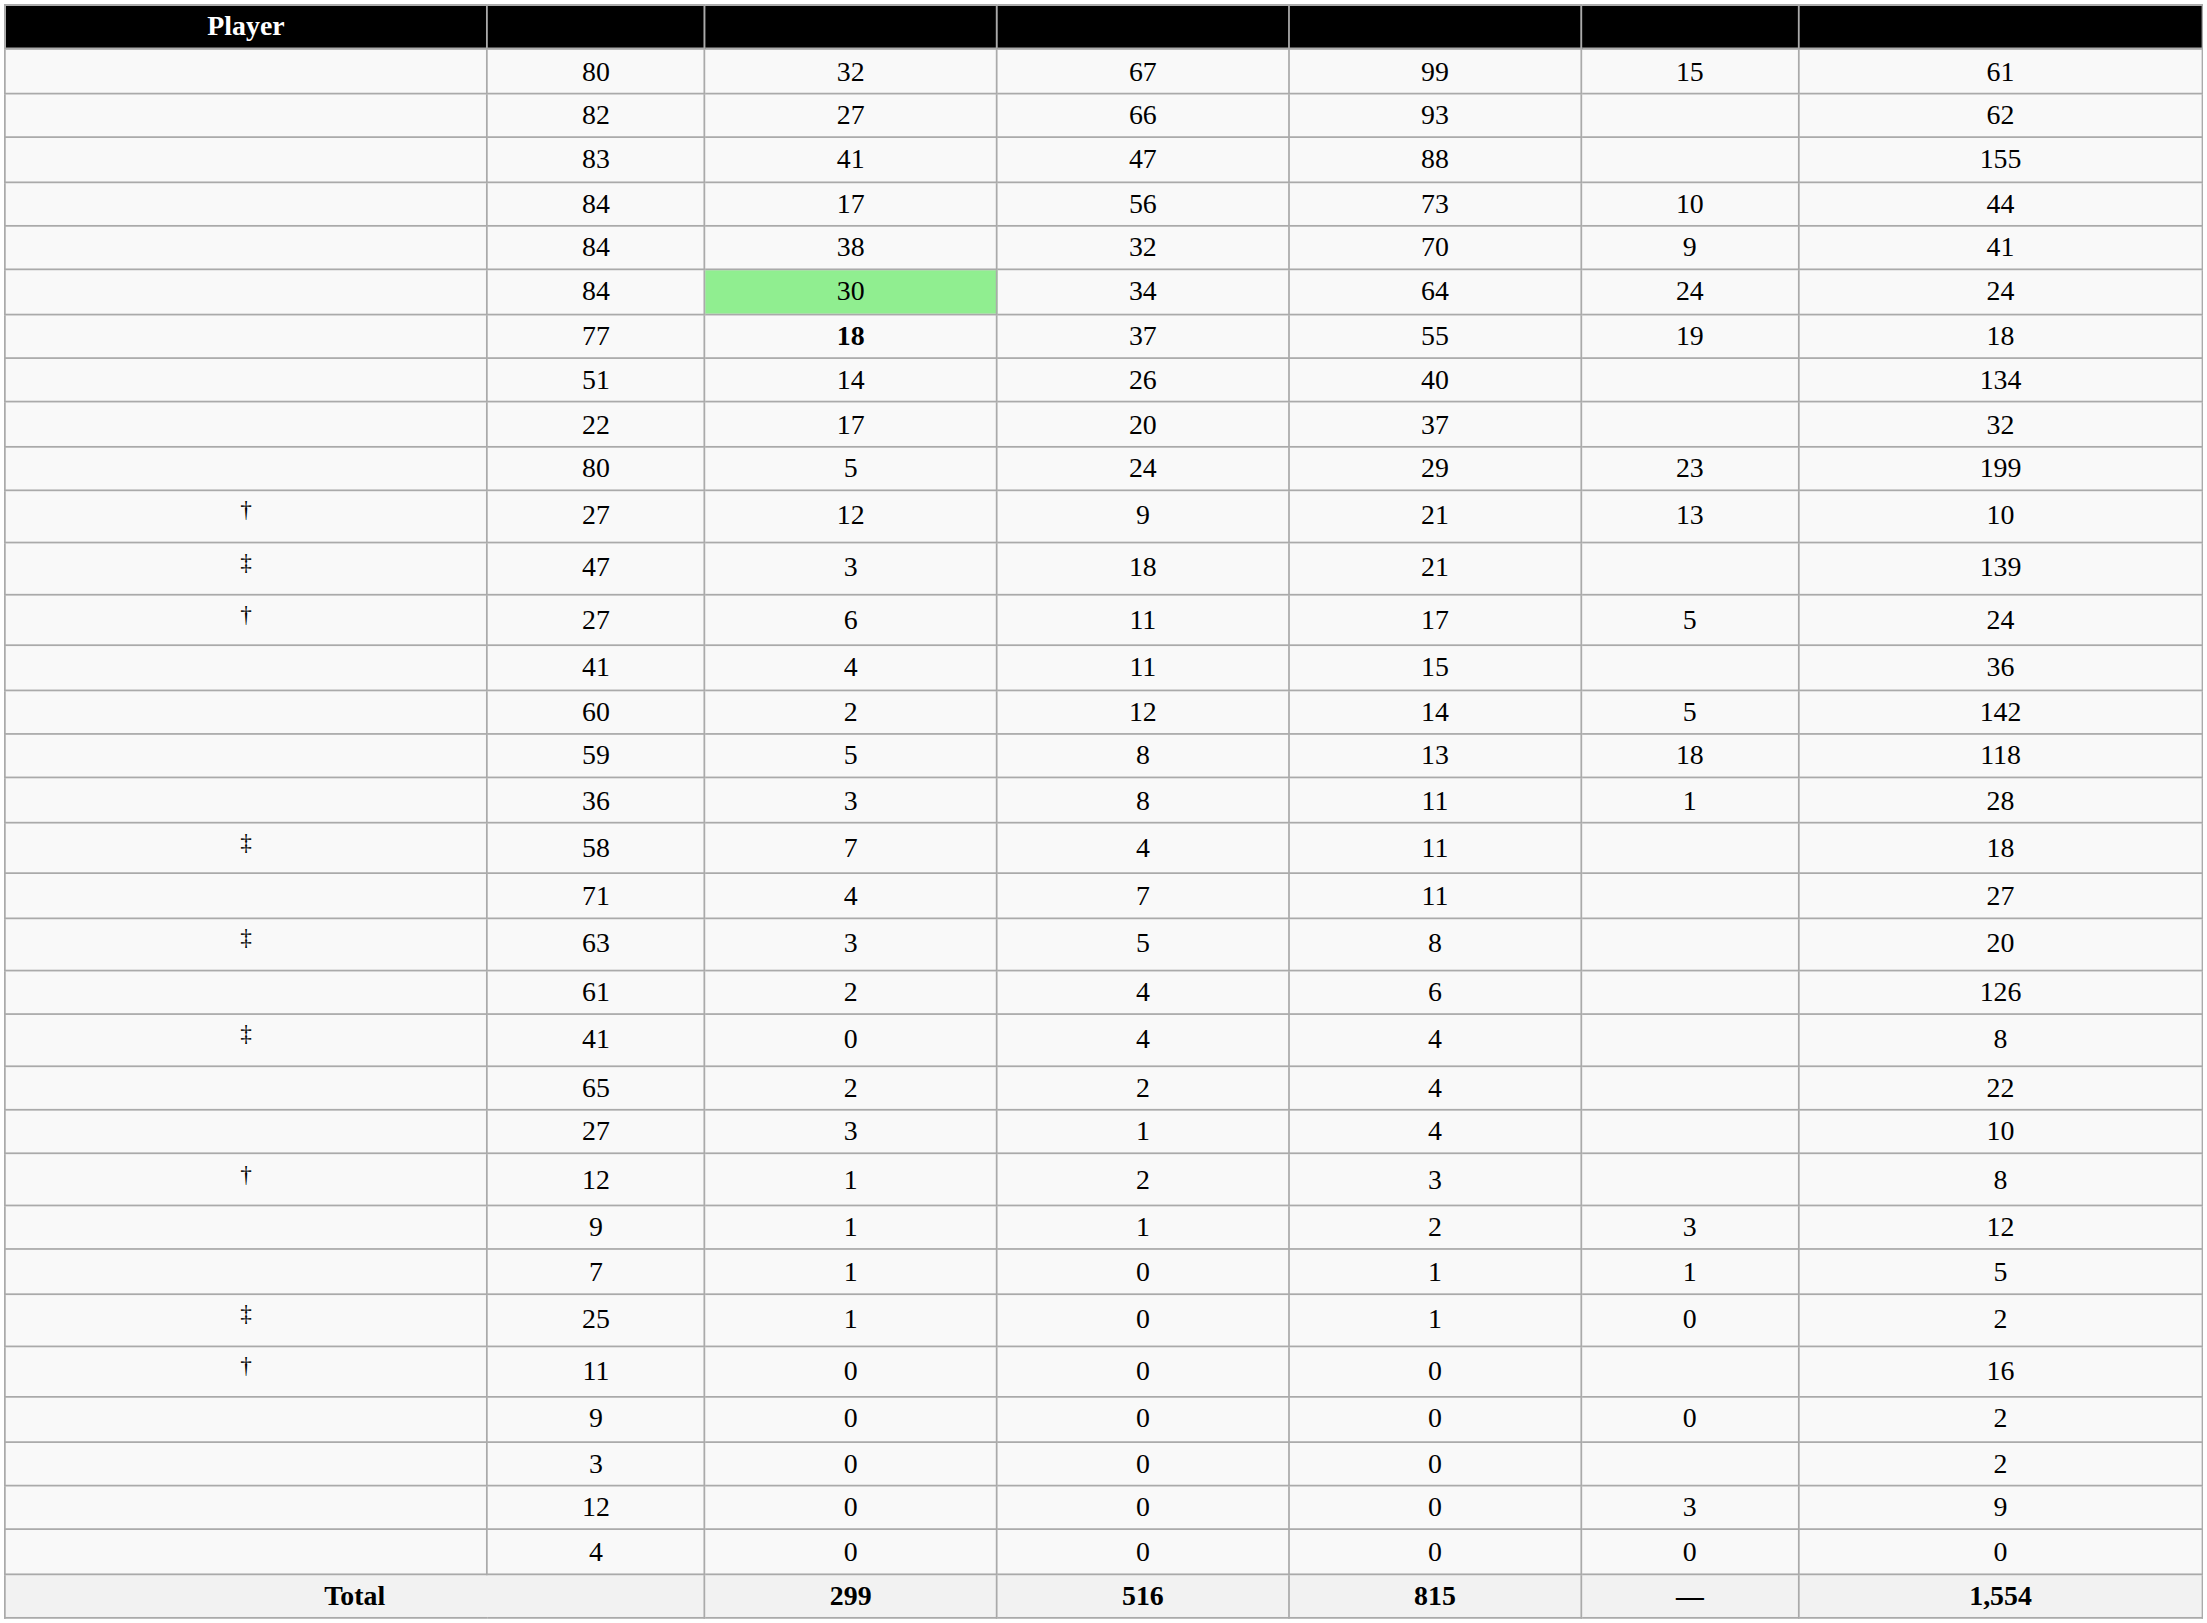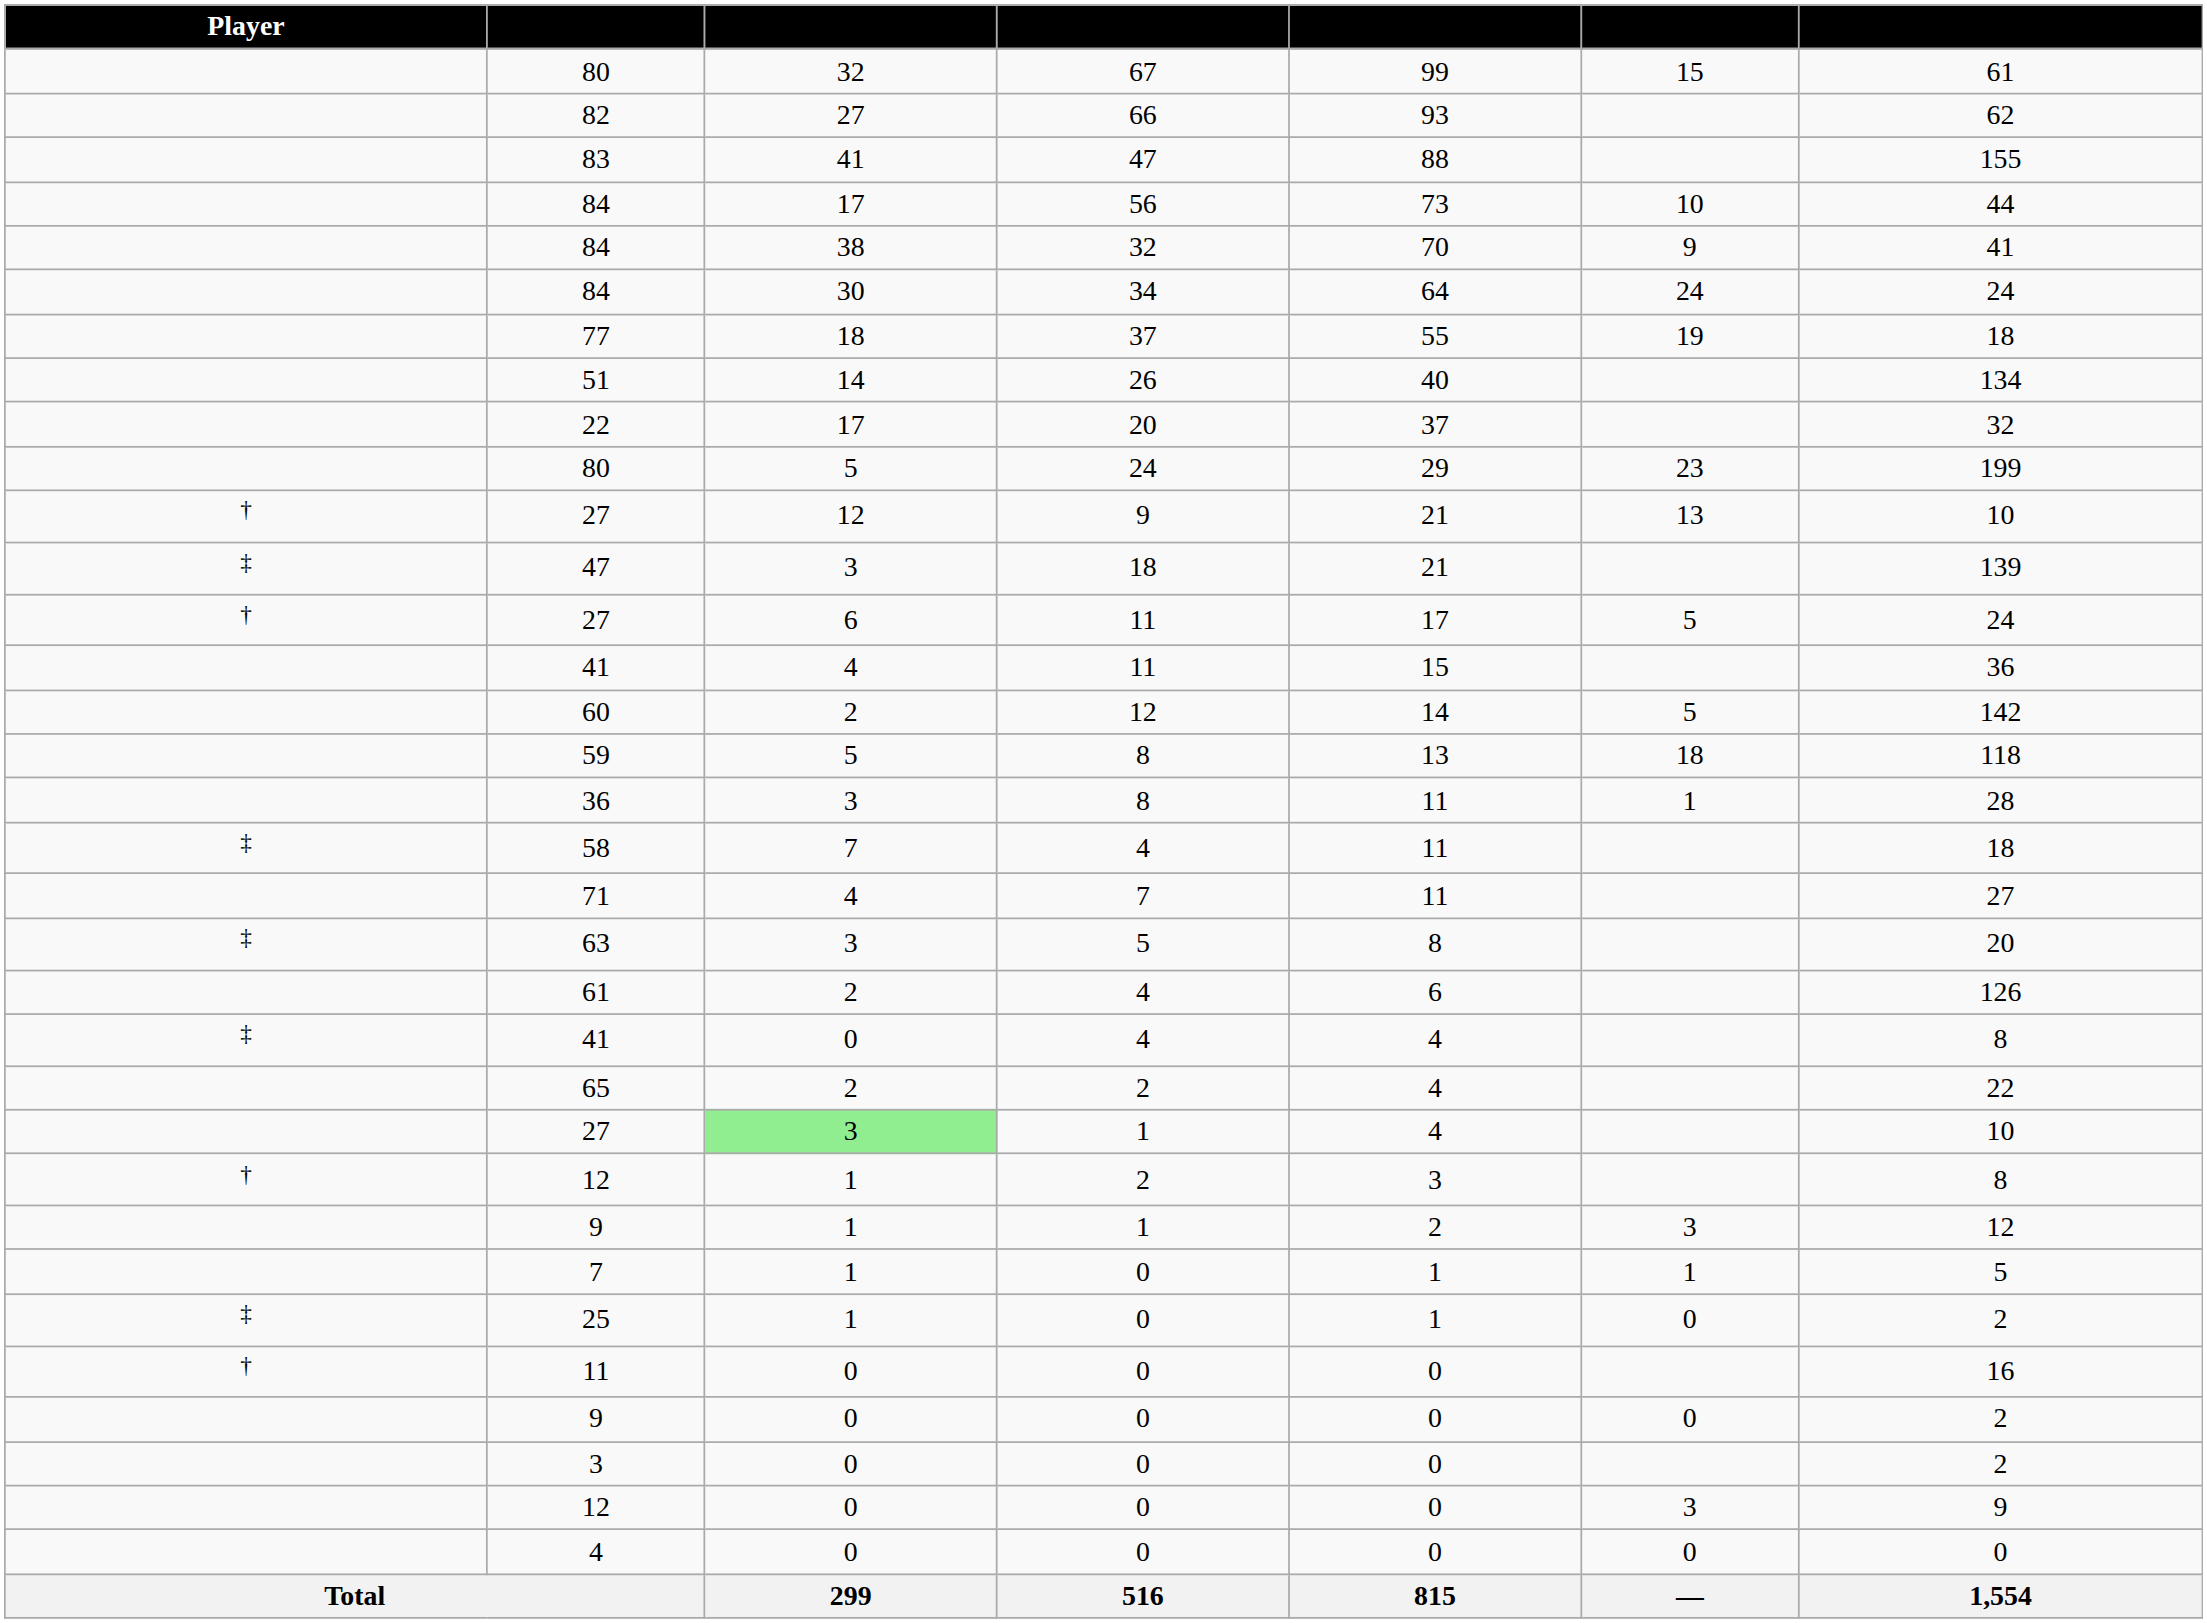 <table class="wikitable sortable" style="width:100%; text-align:center;">
 <tr align=center>
 <th style="color:white; background:#000000; ">Player</th>
 <th style="color:white; background:#000000; "></th>
 <th style="color:white; background:#000000; "></th>
 <th style="color:white; background:#000000; "></th>
 <th style="color:white; background:#000000; "></th>
 <th style="color:white; background:#000000; "></th>
 <th style="color:white; background:#000000; "></th>
 </tr>
 <tr>
 <td></td>
 <td>80</td>
 <td>32</td>
 <td>67</td>
 <td>99</td>
 <td>15</td>
 <td>61</td>
 </tr>
 <tr>
 <td></td>
 <td>82</td>
 <td>27</td>
 <td>66</td>
 <td>93</td>
 <td></td>
 <td>62</td>
 </tr>
 <tr>
 <td></td>
 <td>83</td>
 <td>41</td>
 <td>47</td>
 <td>88</td>
 <td></td>
 <td>155</td>
 </tr>
 <tr>
 <td></td>
 <td>84</td>
 <td>17</td>
 <td>56</td>
 <td>73</td>
 <td>10</td>
 <td>44</td>
 </tr>
 <tr>
 <td></td>
 <td>84</td>
 <td>38</td>
 <td>32</td>
 <td>70</td>
 <td>9</td>
 <td>41</td>
 </tr>
 <tr>
 <td></td>
 <td>84</td>
-<td style="background: lightgreen;">30</td>
+<td>30</td>
 <td>34</td>
 <td>64</td>
 <td>24</td>
 <td>24</td>
 </tr>
 <tr>
 <td></td>
 <td>77</td>
-<td><strong>18</strong></td>
+<td>18</td>
 <td>37</td>
 <td>55</td>
 <td>19</td>
 <td>18</td>
 </tr>
 <tr>
 <td></td>
 <td>51</td>
 <td>14</td>
 <td>26</td>
 <td>40</td>
 <td></td>
 <td>134</td>
 </tr>
 <tr>
 <td></td>
 <td>22</td>
 <td>17</td>
 <td>20</td>
 <td>37</td>
 <td></td>
 <td>32</td>
 </tr>
 <tr>
 <td></td>
 <td>80</td>
 <td>5</td>
 <td>24</td>
 <td>29</td>
 <td>23</td>
 <td>199</td>
 </tr>
 <tr>
 <td><sup>†</sup></td>
 <td>27</td>
 <td>12</td>
 <td>9</td>
 <td>21</td>
 <td>13</td>
 <td>10</td>
 </tr>
 <tr>
 <td><sup>‡</sup></td>
 <td>47</td>
 <td>3</td>
 <td>18</td>
 <td>21</td>
 <td></td>
 <td>139</td>
 </tr>
 <tr>
 <td><sup>†</sup></td>
 <td>27</td>
 <td>6</td>
 <td>11</td>
 <td>17</td>
 <td>5</td>
 <td>24</td>
 </tr>
 <tr>
 <td></td>
 <td>41</td>
 <td>4</td>
 <td>11</td>
 <td>15</td>
 <td></td>
 <td>36</td>
 </tr>
 <tr>
 <td></td>
 <td>60</td>
 <td>2</td>
 <td>12</td>
 <td>14</td>
 <td>5</td>
 <td>142</td>
 </tr>
 <tr>
 <td></td>
 <td>59</td>
 <td>5</td>
 <td>8</td>
 <td>13</td>
 <td>18</td>
 <td>118</td>
 </tr>
 <tr>
 <td></td>
 <td>36</td>
 <td>3</td>
 <td>8</td>
 <td>11</td>
 <td>1</td>
 <td>28</td>
 </tr>
 <tr>
 <td><sup>‡</sup></td>
 <td>58</td>
 <td>7</td>
 <td>4</td>
 <td>11</td>
 <td></td>
 <td>18</td>
 </tr>
 <tr>
 <td></td>
 <td>71</td>
 <td>4</td>
 <td>7</td>
 <td>11</td>
 <td></td>
 <td>27</td>
 </tr>
 <tr>
 <td><sup>‡</sup></td>
 <td>63</td>
 <td>3</td>
 <td>5</td>
 <td>8</td>
 <td></td>
 <td>20</td>
 </tr>
 <tr>
 <td></td>
 <td>61</td>
 <td>2</td>
 <td>4</td>
 <td>6</td>
 <td></td>
 <td>126</td>
 </tr>
 <tr>
 <td><sup>‡</sup></td>
 <td>41</td>
 <td>0</td>
 <td>4</td>
 <td>4</td>
 <td></td>
 <td>8</td>
 </tr>
 <tr>
 <td></td>
 <td>65</td>
 <td>2</td>
 <td>2</td>
 <td>4</td>
 <td></td>
 <td>22</td>
 </tr>
 <tr>
 <td></td>
 <td>27</td>
-<td>3</td>
+<td style="background: lightgreen;">3</td>
 <td>1</td>
 <td>4</td>
 <td></td>
 <td>10</td>
 </tr>
 <tr>
 <td><sup>†</sup></td>
 <td>12</td>
 <td>1</td>
 <td>2</td>
 <td>3</td>
 <td></td>
 <td>8</td>
 </tr>
 <tr>
 <td></td>
 <td>9</td>
 <td>1</td>
 <td>1</td>
 <td>2</td>
 <td>3</td>
 <td>12</td>
 </tr>
 <tr>
 <td></td>
 <td>7</td>
 <td>1</td>
 <td>0</td>
 <td>1</td>
 <td>1</td>
 <td>5</td>
 </tr>
 <tr>
 <td><sup>‡</sup></td>
 <td>25</td>
 <td>1</td>
 <td>0</td>
 <td>1</td>
 <td>0</td>
 <td>2</td>
 </tr>
 <tr>
 <td><sup>†</sup></td>
 <td>11</td>
 <td>0</td>
 <td>0</td>
 <td>0</td>
 <td></td>
 <td>16</td>
 </tr>
 <tr>
 <td></td>
 <td>9</td>
 <td>0</td>
 <td>0</td>
 <td>0</td>
 <td>0</td>
 <td>2</td>
 </tr>
 <tr>
 <td></td>
 <td>3</td>
 <td>0</td>
 <td>0</td>
 <td>0</td>
 <td></td>
 <td>2</td>
 </tr>
 <tr>
 <td></td>
 <td>12</td>
 <td>0</td>
 <td>0</td>
 <td>0</td>
 <td>3</td>
 <td>9</td>
 </tr>
 <tr>
 <td></td>
 <td>4</td>
 <td>0</td>
 <td>0</td>
 <td>0</td>
 <td>0</td>
 <td>0</td>
 </tr>
 <tr class="sortbotom">
 <th colspan=2>Total</th>
 <th>299</th>
 <th>516</th>
 <th>815</th>
 <th>—</th>
 <th>1,554</th>
 </tr>
 </table>
